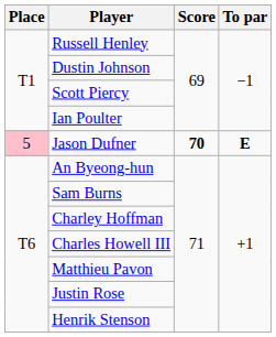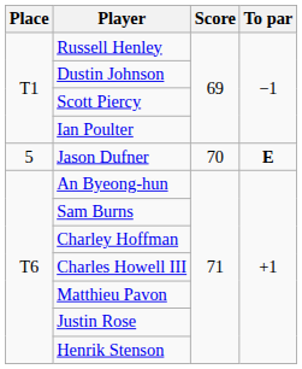 <table class="wikitable">
 <tr>
 <th>Place</th>
 <th>Player</th>
 <th>Score</th>
 <th>To par</th>
 </tr>
 <tr>
 <td rowspan=4 align=center>T1</td>
 <td> <a href='#'>Russell Henley</a></td>
 <td rowspan=4 align=center>69</td>
 <td rowspan=4 align=center>−1</td>
 </tr>
 <tr>
 <td> <a href='#'>Dustin Johnson</a></td>
 </tr>
 <tr>
 <td> <a href='#'>Scott Piercy</a></td>
 </tr>
 <tr>
 <td> <a href='#'>Ian Poulter</a></td>
 </tr>
 <tr>
-<td align=center style="background: pink;">5</td>
+<td align=center>5</td>
 <td> <a href='#'>Jason Dufner</a></td>
-<td align=center><strong>70</strong></td>
+<td align=center>70</td>
 <td align=center><strong>E</strong></td>
 </tr>
 <tr>
 <td rowspan=7 align=center>T6</td>
 <td> <a href='#'>An Byeong-hun</a></td>
 <td rowspan=7 align=center>71</td>
 <td rowspan=7 align=center>+1</td>
 </tr>
 <tr>
 <td> <a href='#'>Sam Burns</a></td>
 </tr>
 <tr>
 <td> <a href='#'>Charley Hoffman</a></td>
 </tr>
 <tr>
 <td> <a href='#'>Charles Howell III</a></td>
 </tr>
 <tr>
 <td> <a href='#'>Matthieu Pavon</a></td>
 </tr>
 <tr>
 <td> <a href='#'>Justin Rose</a></td>
 </tr>
 <tr>
 <td> <a href='#'>Henrik Stenson</a></td>
 </tr>
 </table>
